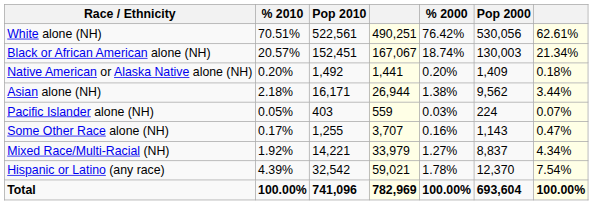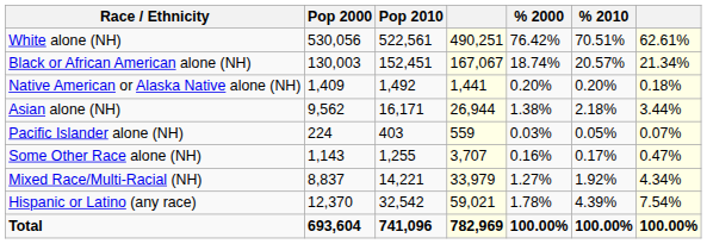 <table class="wikitable">
 <tr>
 <th>Race / Ethnicity</th>
-<th>% 2010</th>
+<th>Pop 2000</th>
 <th>Pop 2010</th>
 <th></th>
 <th>% 2000</th>
-<th>Pop 2000</th>
+<th>% 2010</th>
 <th></th>
 </tr>
 <tr>
 <td><a href='#'>White</a> alone (NH)</td>
-<td>70.51%</td>
+<td>530,056</td>
 <td>522,561</td>
 <td style='background: #ffffe6;'>490,251</td>
 <td>76.42%</td>
-<td>530,056</td>
+<td>70.51%</td>
 <td style='background: #ffffe6;'>62.61%</td>
 </tr>
 <tr>
 <td><a href='#'>Black or African American</a> alone (NH)</td>
-<td>20.57%</td>
+<td>130,003</td>
 <td>152,451</td>
 <td style='background: #ffffe6;'>167,067</td>
 <td>18.74%</td>
-<td>130,003</td>
+<td>20.57%</td>
 <td style='background: #ffffe6;'>21.34%</td>
 </tr>
 <tr>
 <td><a href='#'>Native American</a> or <a href='#'>Alaska Native</a> alone (NH)</td>
-<td>0.20%</td>
+<td>1,409</td>
 <td>1,492</td>
 <td style='background: #ffffe6;'>1,441</td>
 <td>0.20%</td>
-<td>1,409</td>
+<td>0.20%</td>
 <td style='background: #ffffe6;'>0.18%</td>
 </tr>
 <tr>
 <td><a href='#'>Asian</a> alone (NH)</td>
-<td>2.18%</td>
+<td>9,562</td>
 <td>16,171</td>
 <td style='background: #ffffe6;'>26,944</td>
 <td>1.38%</td>
-<td>9,562</td>
+<td>2.18%</td>
 <td style='background: #ffffe6;'>3.44%</td>
 </tr>
 <tr>
 <td><a href='#'>Pacific Islander</a> alone (NH)</td>
-<td>0.05%</td>
+<td>224</td>
 <td>403</td>
 <td style='background: #ffffe6;'>559</td>
 <td>0.03%</td>
-<td>224</td>
+<td>0.05%</td>
 <td style='background: #ffffe6;'>0.07%</td>
 </tr>
 <tr>
 <td><a href='#'>Some Other Race</a> alone (NH)</td>
-<td>0.17%</td>
+<td>1,143</td>
 <td>1,255</td>
 <td style='background: #ffffe6;'>3,707</td>
 <td>0.16%</td>
-<td>1,143</td>
+<td>0.17%</td>
 <td style='background: #ffffe6;'>0.47%</td>
 </tr>
 <tr>
 <td><a href='#'>Mixed Race/Multi-Racial</a> (NH)</td>
-<td>1.92%</td>
+<td>8,837</td>
 <td>14,221</td>
 <td style='background: #ffffe6;'>33,979</td>
 <td>1.27%</td>
-<td>8,837</td>
+<td>1.92%</td>
 <td style='background: #ffffe6;'>4.34%</td>
 </tr>
 <tr>
 <td><a href='#'>Hispanic or Latino</a> (any race)</td>
-<td>4.39%</td>
+<td>12,370</td>
 <td>32,542</td>
 <td style='background: #ffffe6;'>59,021</td>
 <td>1.78%</td>
-<td>12,370</td>
+<td>4.39%</td>
 <td style='background: #ffffe6;'>7.54%</td>
 </tr>
 <tr>
 <td><strong>Total</strong></td>
-<td><strong>100.00%</strong></td>
+<td><strong>693,604</strong></td>
 <td><strong>741,096</strong></td>
 <td style='background: #ffffe6;'><strong>782,969</strong></td>
 <td><strong>100.00%</strong></td>
-<td><strong>693,604</strong></td>
+<td><strong>100.00%</strong></td>
 <td style='background: #ffffe6;'><strong>100.00%</strong></td>
 </tr>
 </table>
